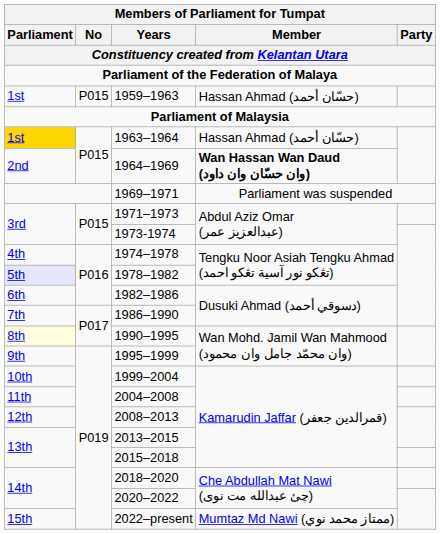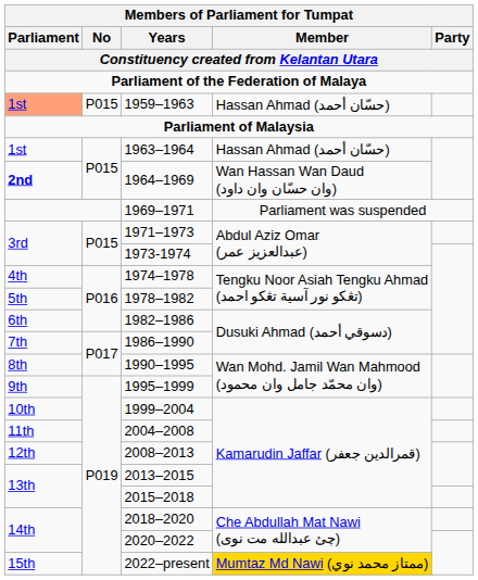 <table class=wikitable>
 <tr>
 <th colspan="5">Members of Parliament for Tumpat</th>
 </tr>
 <tr>
 <th>Parliament</th>
 <th>No</th>
 <th>Years</th>
 <th>Member</th>
 <th>Party</th>
 </tr>
 <tr>
 <th colspan="5" align="center"><em>Constituency created from <a href='#'>Kelantan Utara</a></em></th>
 </tr>
 <tr>
 <td colspan="5" align="center"><strong>Parliament of the Federation of Malaya</strong></td>
 </tr>
 <tr>
-<td><a href='#'>1st</a></td>
+<td style="background: lightsalmon;"><a href='#'>1st</a></td>
 <td>P015</td>
 <td>1959–1963</td>
 <td>Hassan Ahmad (حسّان أحمد)</td>
 <td></td>
 </tr>
 <tr>
 <td colspan="5" align="center"><strong>Parliament of Malaysia</strong></td>
 </tr>
 <tr>
-<td style="background: gold;"><a href='#'>1st</a></td>
+<td><a href='#'>1st</a></td>
 <td rowspan="2">P015</td>
 <td>1963–1964</td>
 <td>Hassan Ahmad (حسّان أحمد)</td>
 <td rowspan="2"></td>
 </tr>
 <tr>
-<td><a href='#'>2nd</a></td>
+<td><strong><a href='#'>2nd</a></strong></td>
 <td>1964–1969</td>
-<td><strong>Wan Hassan Wan Daud <br>  (وان حسّان وان داود)</strong></td>
+<td>Wan Hassan Wan Daud <br>  (وان حسّان وان داود)</td>
 </tr>
 <tr>
 <td colspan="2"></td>
 <td>1969–1971</td>
 <td colspan=2 align=center>Parliament was suspended</td>
 </tr>
 <tr>
 <td rowspan=2><a href='#'>3rd</a></td>
 <td rowspan="2">P015</td>
 <td>1971–1973</td>
 <td rowspan=2>Abdul Aziz Omar  <br> (عبدالعزيز عمر)</td>
 <td></td>
 </tr>
 <tr>
 <td>1973-1974</td>
 <td rowspan=5></td>
 </tr>
 <tr>
 <td><a href='#'>4th</a></td>
 <td rowspan="3">P016</td>
 <td>1974–1978</td>
 <td rowspan=2>Tengku Noor Asiah Tengku Ahmad  <br> (تڠكو نور آسية تڠكو احمد)</td>
 </tr>
 <tr>
-<td style="background: lavender;"><a href='#'>5th</a></td>
+<td><a href='#'>5th</a></td>
 <td>1978–1982</td>
 </tr>
 <tr>
 <td><a href='#'>6th</a></td>
 <td>1982–1986</td>
 <td rowspan=2>Dusuki Ahmad (دسوقي أحمد)</td>
 </tr>
 <tr>
 <td><a href='#'>7th</a></td>
 <td rowspan="2">P017</td>
 <td>1986–1990</td>
 </tr>
 <tr>
-<td style="background: lightyellow;"><a href='#'>8th</a></td>
+<td><a href='#'>8th</a></td>
 <td>1990–1995</td>
 <td rowspan=2>Wan Mohd. Jamil Wan Mahmood  <br> (وان محمّد جامل وان محمود)</td>
 <td rowspan="2"></td>
 </tr>
 <tr>
 <td><a href='#'>9th</a></td>
 <td rowspan="9">P019</td>
 <td>1995–1999</td>
 </tr>
 <tr>
 <td><a href='#'>10th</a></td>
 <td>1999–2004</td>
 <td rowspan=5><a href='#'>Kamarudin Jaffar</a>  (قمرالدين جعفر)</td>
 <td></td>
 </tr>
 <tr>
 <td><a href='#'>11th</a></td>
 <td>2004–2008</td>
 <td></td>
 </tr>
 <tr>
 <td><a href='#'>12th</a></td>
 <td>2008–2013</td>
 <td rowspan=2></td>
 </tr>
 <tr>
 <td rowspan=2><a href='#'>13th</a></td>
 <td>2013–2015</td>
 </tr>
 <tr>
 <td>2015–2018</td>
 <td></td>
 </tr>
 <tr>
 <td rowspan=2><a href='#'>14th</a></td>
 <td>2018–2020</td>
 <td rowspan=2><a href='#'>Che Abdullah Mat Nawi</a> <br>  (چئ عبدالله مت نوى)</td>
 <td></td>
 </tr>
 <tr>
 <td>2020–2022</td>
 <td rowspan=2></td>
 </tr>
 <tr>
 <td><a href='#'>15th</a></td>
 <td>2022–present</td>
-<td><a href='#'>Mumtaz Md Nawi</a> (ممتاز محمد نوي)</td>
+<td style="background: gold;"><a href='#'>Mumtaz Md Nawi</a> (ممتاز محمد نوي)</td>
 </tr>
 </table>
